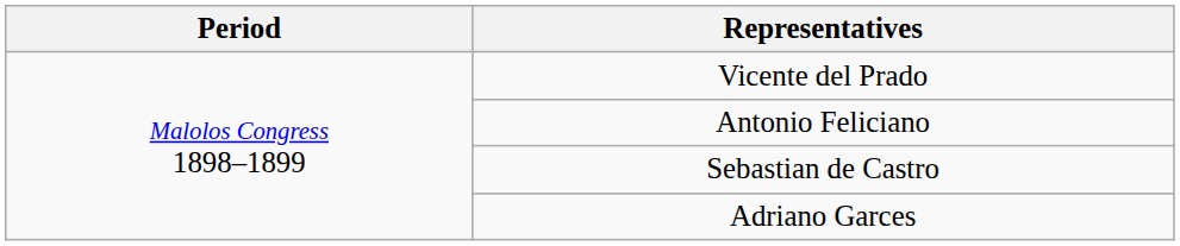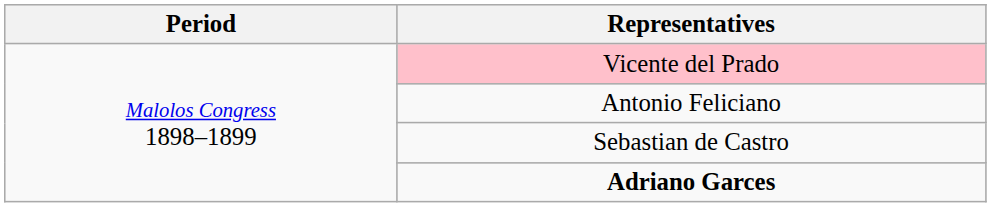 <table class="wikitable" style="text-align:center; width:40%;">
 <tr>
 <th width="40%">Period</th>
 <th>Representatives</th>
 </tr>
 <tr>
 <td rowspan="4"><small><em><a href='#'>Malolos Congress</a></em></small><br>1898–1899</td>
-<td>Vicente del Prado</td>
+<td style="background: pink;">Vicente del Prado</td>
 </tr>
 <tr>
 <td>Antonio Feliciano</td>
 </tr>
 <tr>
 <td>Sebastian de Castro</td>
 </tr>
 <tr>
-<td>Adriano Garces</td>
+<td><strong>Adriano Garces</strong></td>
 </tr>
 </table>
